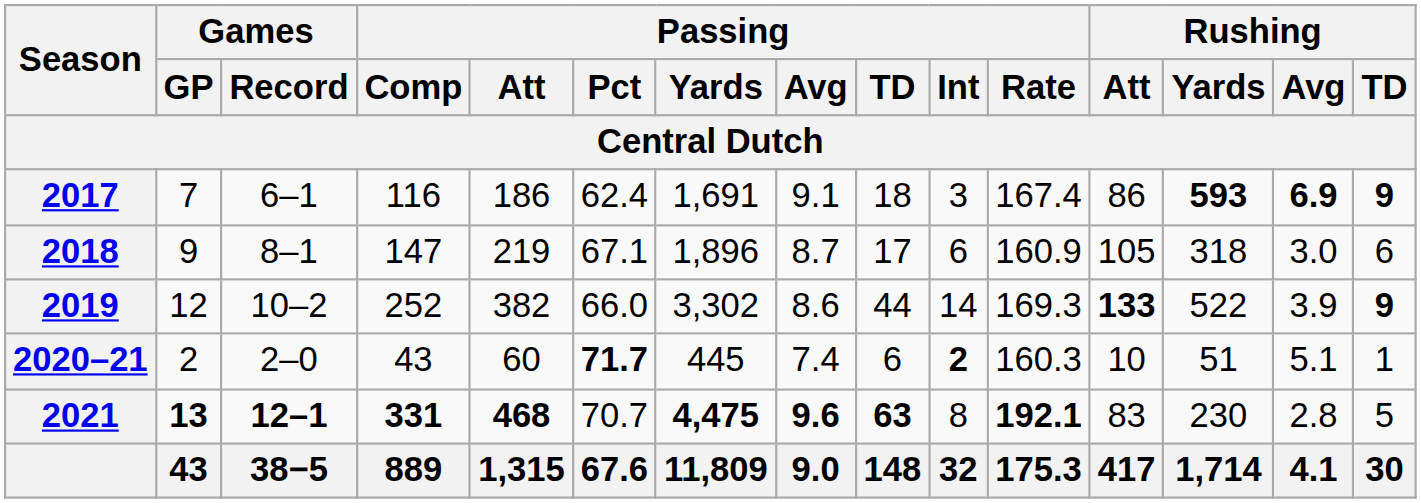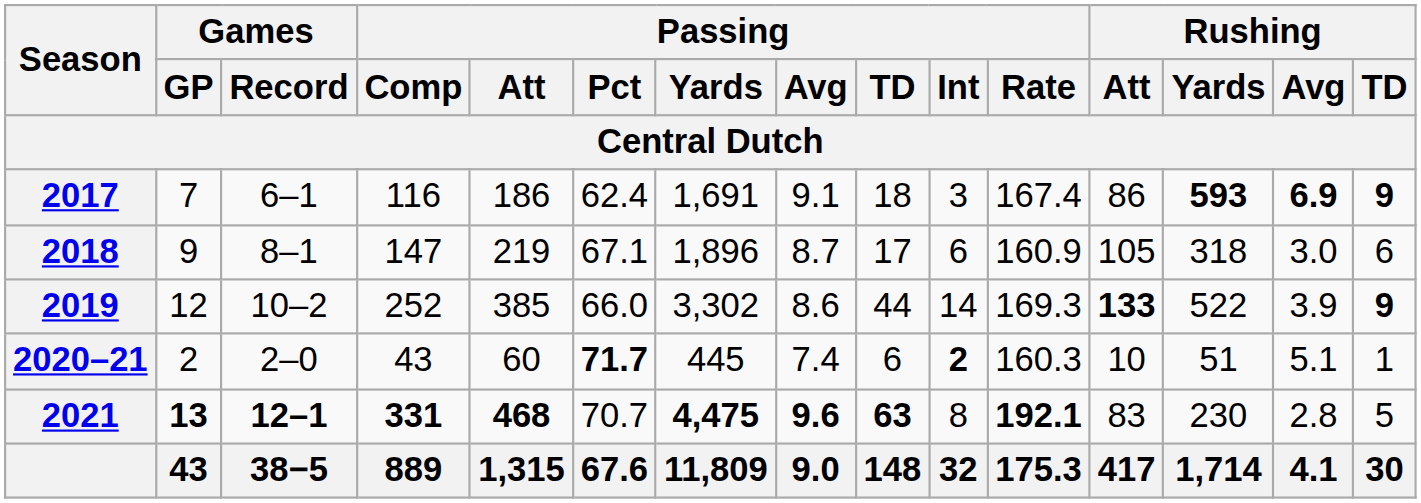 <table class="wikitable" style="text-align:center;">
 <tr>
 <th rowspan="2">Season</th>
 <th colspan="2">Games</th>
 <th colspan="8">Passing</th>
 <th colspan="4">Rushing</th>
 </tr>
 <tr>
 <th>GP</th>
 <th>Record</th>
 <th>Comp</th>
 <th>Att</th>
 <th>Pct</th>
 <th>Yards</th>
 <th>Avg</th>
 <th>TD</th>
 <th>Int</th>
 <th>Rate</th>
 <th>Att</th>
 <th>Yards</th>
 <th>Avg</th>
 <th>TD</th>
 </tr>
 <tr>
 <th colspan="16">Central Dutch</th>
 </tr>
 <tr>
 <th><a href='#'>2017</a></th>
 <td>7</td>
 <td>6–1</td>
 <td>116</td>
 <td>186</td>
 <td>62.4</td>
 <td>1,691</td>
 <td>9.1</td>
 <td>18</td>
 <td>3</td>
 <td>167.4</td>
 <td>86</td>
 <td><strong>593</strong></td>
 <td><strong>6.9</strong></td>
 <td><strong>9</strong></td>
 </tr>
 <tr>
 <th><a href='#'>2018</a></th>
 <td>9</td>
 <td>8–1</td>
 <td>147</td>
 <td>219</td>
 <td>67.1</td>
 <td>1,896</td>
 <td>8.7</td>
 <td>17</td>
 <td>6</td>
 <td>160.9</td>
 <td>105</td>
 <td>318</td>
 <td>3.0</td>
 <td>6</td>
 </tr>
 <tr>
 <th><a href='#'>2019</a></th>
 <td>12</td>
 <td>10–2</td>
 <td>252</td>
-<td>382</td>
+<td>385</td>
 <td>66.0</td>
 <td>3,302</td>
 <td>8.6</td>
 <td>44</td>
 <td>14</td>
 <td>169.3</td>
 <td><strong>133</strong></td>
 <td>522</td>
 <td>3.9</td>
 <td><strong>9</strong></td>
 </tr>
 <tr>
 <th><a href='#'>2020–21</a></th>
 <td>2</td>
 <td>2–0</td>
 <td>43</td>
 <td>60</td>
 <td><strong>71.7</strong></td>
 <td>445</td>
 <td>7.4</td>
 <td>6</td>
 <td><strong>2</strong></td>
 <td>160.3</td>
 <td>10</td>
 <td>51</td>
 <td>5.1</td>
 <td>1</td>
 </tr>
 <tr>
 <th><a href='#'>2021</a></th>
 <td><strong>13</strong></td>
 <td><strong>12–1</strong></td>
 <td><strong>331</strong></td>
 <td><strong>468</strong></td>
 <td>70.7</td>
 <td><strong>4,475</strong></td>
 <td><strong>9.6</strong></td>
 <td><strong>63</strong></td>
 <td>8</td>
 <td><strong>192.1</strong></td>
 <td>83</td>
 <td>230</td>
 <td>2.8</td>
 <td>5</td>
 </tr>
 <tr>
 <th></th>
 <th>43</th>
 <th>38−5</th>
 <th>889</th>
 <th>1,315</th>
 <th>67.6</th>
 <th>11,809</th>
 <th>9.0</th>
 <th>148</th>
 <th>32</th>
 <th>175.3</th>
 <th>417</th>
 <th>1,714</th>
 <th>4.1</th>
 <th>30</th>
 </tr>
 </table>
